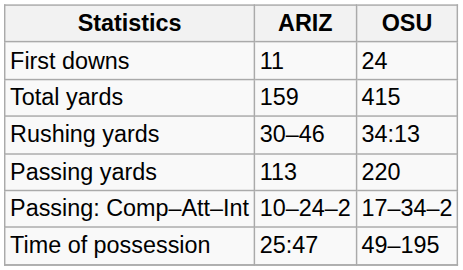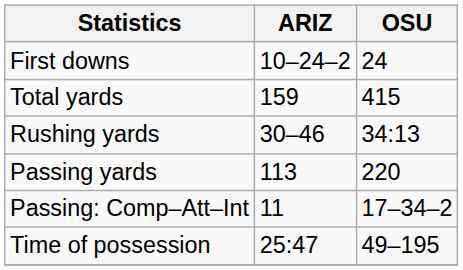 <table class="wikitable" style="float: left;">
 <tr>
 <th>Statistics</th>
 <th>ARIZ</th>
 <th>OSU</th>
 </tr>
 <tr>
 <td>First downs</td>
-<td>11</td>
+<td>10–24–2</td>
 <td>24</td>
 </tr>
 <tr>
 <td>Total yards</td>
 <td>159</td>
 <td>415</td>
 </tr>
 <tr>
 <td>Rushing yards</td>
 <td>30–46</td>
 <td>34:13</td>
 </tr>
 <tr>
 <td>Passing yards</td>
 <td>113</td>
 <td>220</td>
 </tr>
 <tr>
 <td>Passing: Comp–Att–Int</td>
-<td>10–24–2</td>
+<td>11</td>
 <td>17–34–2</td>
 </tr>
 <tr>
 <td>Time of possession</td>
 <td>25:47</td>
 <td>49–195</td>
 </tr>
 <tr>
 </tr>
 </table>
